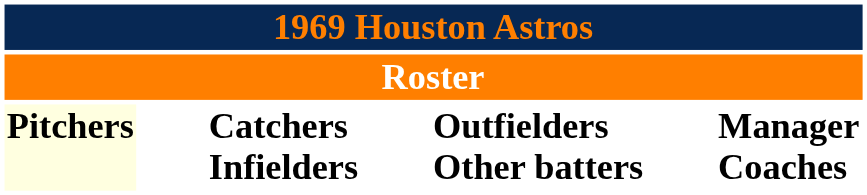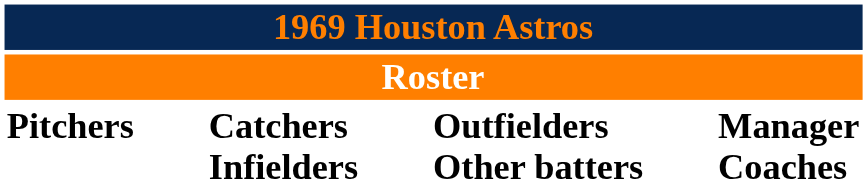 <table class="toccolours" style="text-align: left;">
 <tr>
 <th colspan="10" style="background-color: #072854; color: #FF7F00; text-align: center;">1969 Houston Astros</th>
 </tr>
 <tr>
 <td colspan="10" style="background-color: #FF7F00; color: white; text-align: center;"><strong>Roster</strong></td>
 </tr>
 <tr>
-<td valign="top" style="background: lightyellow;"><strong>Pitchers</strong><br>                </td>
+<td valign="top"><strong>Pitchers</strong><br>                </td>
 <td width="25px"></td>
 <td valign="top"><strong>Catchers</strong><br>  <strong>Infielders</strong>      </td>
 <td width="25px"></td>
 <td valign="top"><strong>Outfielders</strong><br>           <strong>Other batters</strong> </td>
 <td width="25px"></td>
 <td valign="top"><strong>Manager</strong><br> <strong>Coaches</strong>    </td>
 </tr>
 </table>
